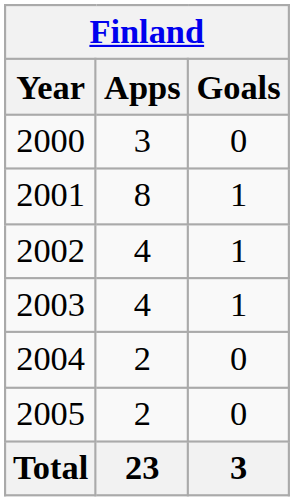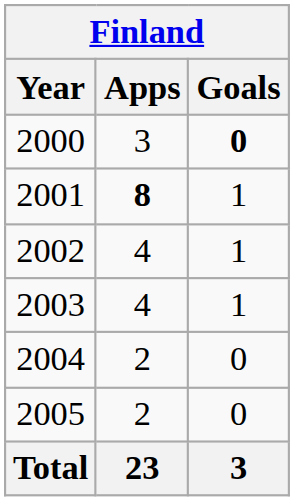 <table class=wikitable style=text-align:center>
 <tr>
 <th colspan=4><a href='#'>Finland</a></th>
 </tr>
 <tr>
 <th>Year</th>
 <th>Apps</th>
 <th>Goals</th>
 </tr>
 <tr>
 <td>2000</td>
 <td>3</td>
-<td>0</td>
+<td><strong>0</strong></td>
 </tr>
 <tr>
 <td>2001</td>
-<td>8</td>
+<td><strong>8</strong></td>
 <td>1</td>
 </tr>
 <tr>
 <td>2002</td>
 <td>4</td>
 <td>1</td>
 </tr>
 <tr>
 <td>2003</td>
 <td>4</td>
 <td>1</td>
 </tr>
 <tr>
 <td>2004</td>
 <td>2</td>
 <td>0</td>
 </tr>
 <tr>
 <td>2005</td>
 <td>2</td>
 <td>0</td>
 </tr>
 <tr>
 <th colspan=1>Total</th>
 <th>23</th>
 <th>3</th>
 </tr>
 </table>
